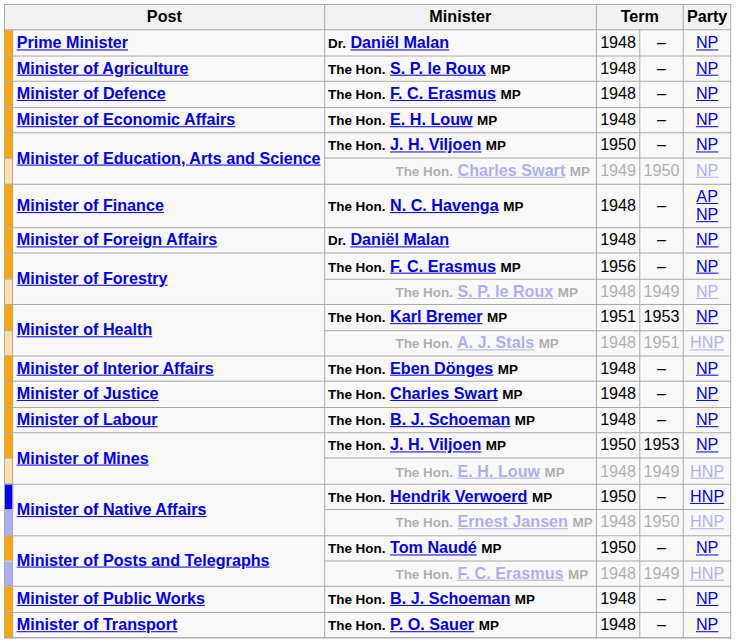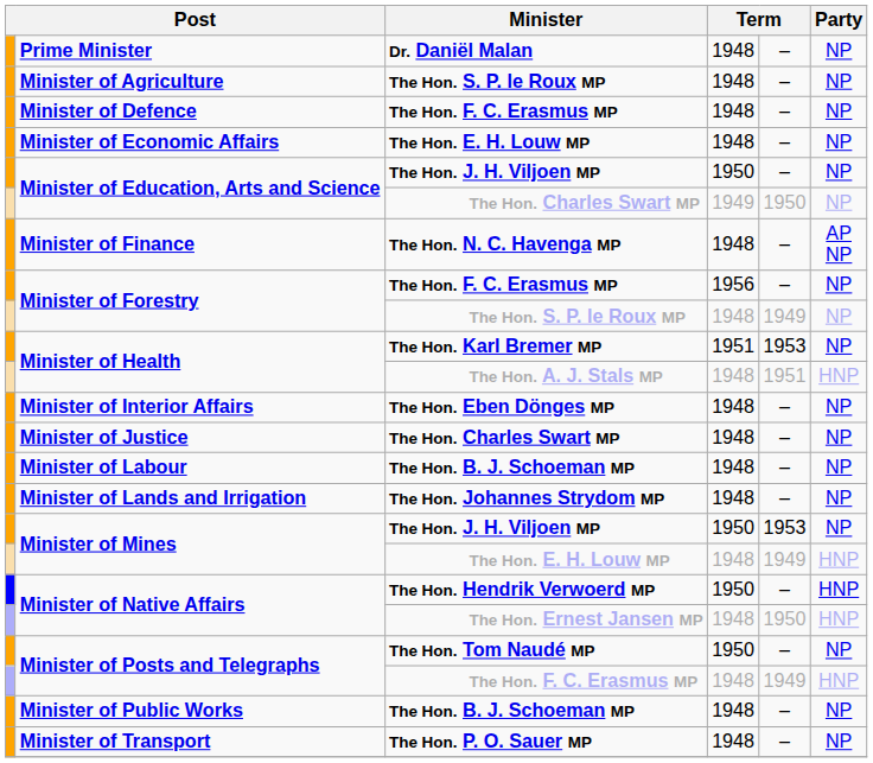 <table class="wikitable">
 <tr>
 <th colspan=2>Post</th>
 <th>Minister</th>
 <th colspan=2>Term</th>
 <th>Party</th>
 </tr>
 <tr>
 <td style="width:1px;; background: Orange;"></td>
 <td><strong><a href='#'>Prime Minister</a></strong></td>
 <td> <strong><small>Dr.</small> <a href='#'>Daniël Malan</a></strong></td>
 <td>1948</td>
 <td align="center">–</td>
 <td align="center"><a href='#'>NP</a></td>
 </tr>
 <tr>
 <td style="width:1px;; background: Orange;"></td>
 <td><strong><a href='#'>Minister of Agriculture</a></strong></td>
 <td> <strong><small>The Hon.</small> <a href='#'>S. P. le Roux</a> <small>MP</small></strong></td>
 <td>1948</td>
 <td align="center">–</td>
 <td align="center"><a href='#'>NP</a></td>
 </tr>
 <tr>
 <td style="width:1px;; background: Orange;"></td>
 <td><strong><a href='#'>Minister of Defence</a></strong></td>
 <td> <strong><small>The Hon.</small> <a href='#'>F. C. Erasmus</a> <small>MP</small></strong></td>
 <td>1948</td>
 <td align="center">–</td>
 <td align="center"><a href='#'>NP</a></td>
 </tr>
 <tr>
 <td style="width:1px;; background: Orange;"></td>
 <td><strong><a href='#'>Minister of Economic Affairs</a></strong></td>
 <td> <strong><small>The Hon.</small> <a href='#'>E. H. Louw</a> <small>MP</small></strong></td>
 <td>1948</td>
 <td align="center">–</td>
 <td align="center"><a href='#'>NP</a></td>
 </tr>
 <tr>
 <td style="width:1px;; background: Orange;"></td>
 <td rowspan=2><strong><a href='#'>Minister of Education, Arts and Science</a></strong></td>
 <td> <strong><small>The Hon.</small> <a href='#'>J. H. Viljoen</a> <small>MP</small></strong></td>
 <td>1950</td>
 <td align="center">–</td>
 <td align="center"><a href='#'>NP</a></td>
 </tr>
 <tr style="opacity:.3;">
 <td style="width:1px; background:Orange;"></td>
 <td style="padding-left:70px"><strong><small>The Hon.</small> <a href='#'>Charles Swart</a> <small>MP</small></strong></td>
 <td>1949</td>
 <td>1950</td>
 <td align="center"><a href='#'>NP</a></td>
 </tr>
 <tr>
 <td style="width:1px;; background: Orange;"></td>
 <td><strong><a href='#'>Minister of Finance</a></strong></td>
 <td> <strong><small>The Hon.</small> <a href='#'>N. C. Havenga</a> <small>MP</small></strong></td>
 <td>1948</td>
 <td align="center">–</td>
 <td align="center"><a href='#'>AP</a><br> <a href='#'>NP</a></td>
 </tr>
 <tr>
 <td style="width:1px;; background: Orange;"></td>
-<td><strong><a href='#'>Minister of Foreign Affairs</a></strong></td>
-<td> <strong><small>Dr.</small> <a href='#'>Daniël Malan</a></strong></td>
-<td>1948</td>
-<td align="center">–</td>
-<td align="center"><a href='#'>NP</a></td>
-</tr>
-<tr>
-<td style="width:1px;; background: Orange;"></td>
 <td rowspan=2><strong><a href='#'>Minister of Forestry</a></strong></td>
 <td> <strong><small>The Hon.</small> <a href='#'>F. C. Erasmus</a> <small>MP</small></strong></td>
 <td>1956</td>
 <td align="center">–</td>
 <td align="center"><a href='#'>NP</a></td>
 </tr>
 <tr style="opacity:.3;">
 <td style="width:1px; background:Orange;"></td>
 <td style="padding-left:70px"><strong><small>The Hon.</small> <a href='#'>S. P. le Roux</a> <small>MP</small></strong></td>
 <td>1948</td>
 <td>1949</td>
 <td align="center"><a href='#'>NP</a></td>
 </tr>
 <tr>
 <td style="width:1px;; background:Orange"></td>
 <td rowspan=2><strong><a href='#'>Minister of Health</a></strong></td>
 <td> <strong><small>The Hon.</small> <a href='#'>Karl Bremer</a> <small>MP</small></strong></td>
 <td>1951</td>
 <td>1953</td>
 <td align="center"><a href='#'>NP</a></td>
 </tr>
 <tr style="opacity:.3;">
 <td style="width:1px; background:Orange;"></td>
 <td style="padding-left:70px"><strong><small>The Hon.</small> <a href='#'>A. J. Stals</a> <small>MP</small></strong></td>
 <td>1948</td>
 <td>1951</td>
 <td align="center"><a href='#'>HNP</a></td>
 </tr>
 <tr>
 <td style="width:1px;; background: Orange;"></td>
 <td><strong><a href='#'>Minister of Interior Affairs</a></strong></td>
 <td> <strong><small>The Hon.</small> <a href='#'>Eben Dönges</a> <small>MP</small></strong></td>
 <td>1948</td>
 <td align="center">–</td>
 <td align="center"><a href='#'>NP</a></td>
 </tr>
 <tr>
 <td style="width:1px;; background: Orange;"></td>
 <td><strong><a href='#'>Minister of Justice</a></strong></td>
 <td> <strong><small>The Hon.</small> <a href='#'>Charles Swart</a> <small>MP</small></strong></td>
 <td>1948</td>
 <td align="center">–</td>
 <td align="center"><a href='#'>NP</a></td>
 </tr>
 <tr>
 <td style="width:1px;; background: Orange;"></td>
 <td><strong><a href='#'>Minister of Labour</a></strong></td>
 <td> <strong><small>The Hon.</small> <a href='#'>B. J. Schoeman</a> <small>MP</small></strong></td>
+<td>1948</td>
+<td align="center">–</td>
+<td align="center"><a href='#'>NP</a></td>
+</tr>
+<tr>
+<td style="width:1px;; background: Orange;"></td>
+<td><strong><a href='#'>Minister of Lands and Irrigation</a></strong></td>
+<td> <strong><small>The Hon.</small> <a href='#'>Johannes Strydom</a> <small>MP</small></strong></td>
 <td>1948</td>
 <td align="center">–</td>
 <td align="center"><a href='#'>NP</a></td>
 </tr>
 <tr>
 <td style="width:1px;; background: Orange;"></td>
 <td rowspan=2><strong><a href='#'>Minister of Mines</a></strong></td>
 <td> <strong><small>The Hon.</small> <a href='#'>J. H. Viljoen</a> <small>MP</small></strong></td>
 <td>1950</td>
 <td>1953</td>
 <td align="center"><a href='#'>NP</a></td>
 </tr>
 <tr style="opacity:.3;">
 <td style="width:1px; background: orange;"></td>
 <td style="padding-left:70px"><strong><small>The Hon.</small> <a href='#'>E. H. Louw</a> <small>MP</small></strong></td>
 <td>1948</td>
 <td>1949</td>
 <td align="center"><a href='#'>HNP</a></td>
 </tr>
 <tr>
 <td style="width:1px;; background: blue;"></td>
 <td rowspan=2><strong><a href='#'>Minister of Native Affairs</a></strong></td>
 <td> <strong><small>The Hon.</small> <a href='#'>Hendrik Verwoerd</a> <small>MP</small></strong></td>
 <td>1950</td>
 <td align="center">–</td>
 <td align="center"><a href='#'>HNP</a></td>
 </tr>
 <tr style="opacity:.3;">
 <td style="width:1px; background: Blue;"></td>
 <td style="padding-left:70px"><strong><small>The Hon.</small> <a href='#'>Ernest Jansen</a> <small>MP</small></strong></td>
 <td>1948</td>
 <td>1950</td>
 <td align="center"><a href='#'>HNP</a></td>
 </tr>
 <tr>
 <td style="width:1px;; background: Orange;"></td>
 <td rowspan=2><strong><a href='#'>Minister of Posts and Telegraphs</a></strong></td>
 <td> <strong><small>The Hon.</small> <a href='#'>Tom Naudé</a> <small>MP</small></strong></td>
 <td>1950</td>
 <td align="center">–</td>
 <td align="center"><a href='#'>NP</a></td>
 </tr>
 <tr style="opacity:.3;">
 <td style="width:1px; background: Blue;"></td>
 <td style="padding-left:70px"><strong><small>The Hon.</small> <a href='#'>F. C. Erasmus</a> <small>MP</small></strong></td>
 <td>1948</td>
 <td>1949</td>
 <td align="center"><a href='#'>HNP</a></td>
 </tr>
 <tr>
 <td style="width:1px;; background: Orange;"></td>
 <td><strong><a href='#'>Minister of Public Works</a></strong></td>
 <td> <strong><small>The Hon.</small> <a href='#'>B. J. Schoeman</a> <small>MP</small></strong></td>
 <td>1948</td>
 <td align="center">–</td>
 <td align="center"><a href='#'>NP</a></td>
 </tr>
 <tr>
 <td style="width:1px;; background: Orange;"></td>
 <td><strong><a href='#'>Minister of Transport</a></strong></td>
 <td> <strong><small>The Hon.</small> <a href='#'>P. O. Sauer</a> <small>MP</small></strong></td>
 <td>1948</td>
 <td align="center">–</td>
 <td align="center"><a href='#'>NP</a></td>
 </tr>
 <tr>
 </tr>
 </table>
